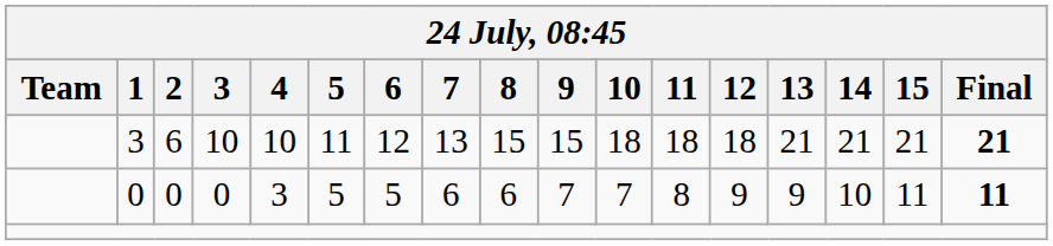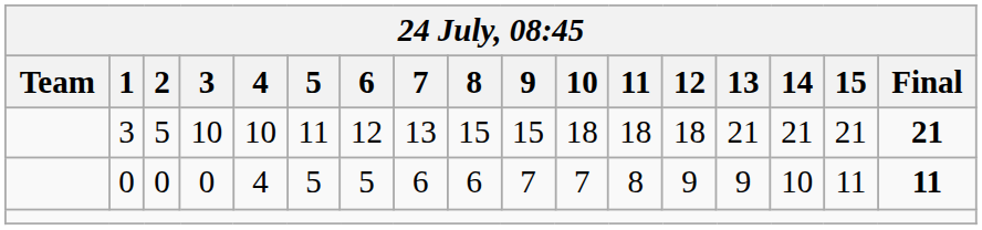 <table class=wikitable style="text-align:center; width: 55%">
 <tr>
 <th colspan=17><em>24 July, 08:45</em></th>
 </tr>
 <tr>
 <th>Team</th>
 <th>1</th>
 <th>2</th>
 <th>3</th>
 <th>4</th>
 <th>5</th>
 <th>6</th>
 <th>7</th>
 <th>8</th>
 <th>9</th>
 <th>10</th>
 <th>11</th>
 <th>12</th>
 <th>13</th>
 <th>14</th>
 <th>15</th>
 <th>Final</th>
 </tr>
 <tr>
 <td align=left><strong></strong></td>
 <td>3</td>
-<td>6</td>
+<td>5</td>
 <td>10</td>
 <td>10</td>
 <td>11</td>
 <td>12</td>
 <td>13</td>
 <td>15</td>
 <td>15</td>
 <td>18</td>
 <td>18</td>
 <td>18</td>
 <td>21</td>
 <td>21</td>
 <td>21</td>
 <td><strong>21</strong></td>
 </tr>
 <tr>
 <td align=left></td>
 <td>0</td>
 <td>0</td>
 <td>0</td>
-<td>3</td>
+<td>4</td>
 <td>5</td>
 <td>5</td>
 <td>6</td>
 <td>6</td>
 <td>7</td>
 <td>7</td>
 <td>8</td>
 <td>9</td>
 <td>9</td>
 <td>10</td>
 <td>11</td>
 <td><strong>11</strong></td>
 </tr>
 <tr>
 <td colspan=17></td>
 </tr>
 </table>
